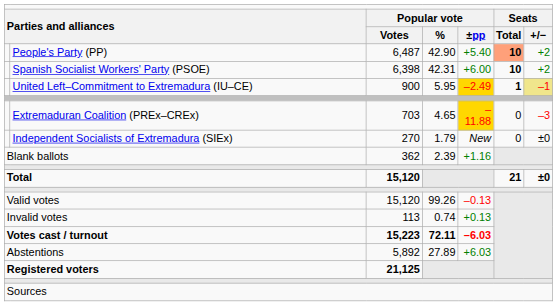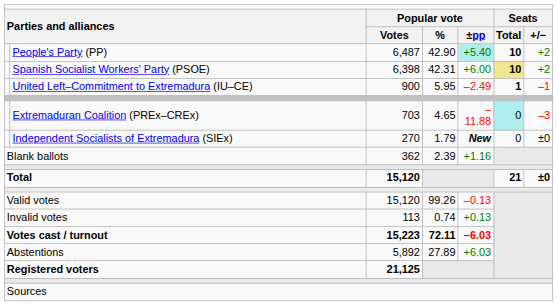 <table class="wikitable" style="text-align:right;">
 <tr>
 <td colspan="7"></td>
 </tr>
 <tr>
 <th style="text-align:left;" rowspan="2" colspan="2" width="525">Parties and alliances</th>
 <th colspan="3">Popular vote</th>
 <th colspan="2">Seats</th>
 </tr>
 <tr>
 <th width="75">Votes</th>
 <th width="45">%</th>
 <th width="45">±<a href='#'>pp</a></th>
 <th width="35">Total</th>
 <th width="35">+/−</th>
 </tr>
 <tr>
 <td width="1" style="color:inherit;background:"></td>
 <td align="left"><a href='#'>People's Party</a> (PP)</td>
 <td>6,487</td>
 <td>42.90</td>
-<td style="color:green;">+5.40</td>
-<td style="background: lightsalmon;"><strong>10</strong></td>
+<td style="background: paleturquoise; color:green;">+5.40</td>
+<td><strong>10</strong></td>
 <td style="color:green;">+2</td>
 </tr>
 <tr>
 <td style="color:inherit;background:"></td>
 <td align="left"><a href='#'>Spanish Socialist Workers' Party</a> (PSOE)</td>
 <td>6,398</td>
 <td>42.31</td>
 <td style="color:green;">+6.00</td>
-<td><strong>10</strong></td>
+<td style="background: khaki;"><strong>10</strong></td>
 <td style="color:green;">+2</td>
 </tr>
 <tr>
 <td style="color:inherit;background:"></td>
 <td align="left"><a href='#'>United Left–Commitment to Extremadura</a> (IU–CE)</td>
 <td>900</td>
 <td>5.95</td>
-<td style="background: gold; color:red;">–2.49</td>
+<td style="color:red;">–2.49</td>
 <td><strong>1</strong></td>
-<td style="background: khaki; color:red;">–1</td>
+<td style="color:red;">–1</td>
 </tr>
 <tr>
 <td colspan="7" bgcolor="#C0C0C0"></td>
 </tr>
 <tr>
 <td style="color:inherit;background:"></td>
 <td align="left"><a href='#'>Extremaduran Coalition</a> (PREx–CREx)</td>
 <td>703</td>
 <td>4.65</td>
-<td style="background: gold; color:red;">–11.88</td>
-<td>0</td>
+<td style="color:red;">–11.88</td>
+<td style="background: paleturquoise;">0</td>
 <td style="color:red;">–3</td>
 </tr>
 <tr>
 <td style="color:inherit;background:"></td>
 <td align="left"><a href='#'>Independent Socialists of Extremadura</a> (SIEx)</td>
 <td>270</td>
 <td>1.79</td>
-<td><em>New</em></td>
+<td><strong><em>New</em></strong></td>
 <td>0</td>
 <td>±0</td>
 </tr>
 <tr>
 <td align="left" colspan="2">Blank ballots</td>
 <td>362</td>
 <td>2.39</td>
 <td style="color:green;">+1.16</td>
 <td bgcolor="#E9E9E9" colspan="2"></td>
 </tr>
 <tr>
 <td colspan="7" bgcolor="#E9E9E9"></td>
 </tr>
 <tr style="font-weight:bold;">
 <td align="left" colspan="2">Total</td>
 <td>15,120</td>
 <td bgcolor="#E9E9E9" colspan="2"></td>
 <td>21</td>
 <td>±0</td>
 </tr>
 <tr>
 <td colspan="7" bgcolor="#E9E9E9"></td>
 </tr>
 <tr>
 <td align="left" colspan="2">Valid votes</td>
 <td>15,120</td>
 <td>99.26</td>
 <td style="color:red;">–0.13</td>
 <td bgcolor="#E9E9E9" colspan="2" rowspan="5"></td>
 </tr>
 <tr>
 <td align="left" colspan="2">Invalid votes</td>
 <td>113</td>
 <td>0.74</td>
 <td style="color:green;">+0.13</td>
 </tr>
 <tr style="font-weight:bold;">
 <td align="left" colspan="2">Votes cast / turnout</td>
 <td>15,223</td>
 <td>72.11</td>
 <td style="color:red;">–6.03</td>
 </tr>
 <tr>
 <td align="left" colspan="2">Abstentions</td>
 <td>5,892</td>
 <td>27.89</td>
 <td style="color:green;">+6.03</td>
 </tr>
 <tr style="font-weight:bold;">
 <td align="left" colspan="2">Registered voters</td>
 <td>21,125</td>
 <td bgcolor="#E9E9E9" colspan="2"></td>
 </tr>
 <tr>
 <td colspan="7" bgcolor="#E9E9E9"></td>
 </tr>
 <tr>
 <td align="left" colspan="7">Sources</td>
 </tr>
 </table>
